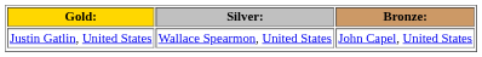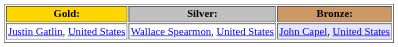 <table border="1" Cellpadding="2">
 <tr>
 <td style="text-align:center;background-color:gold;"><strong>Gold:</strong></td>
 <td style="text-align:center;background-color:silver;"><strong>Silver:</strong></td>
 <td style="text-align:center;background-color:#CC9966;"><strong>Bronze:</strong></td>
 </tr>
 <tr>
 <td> <a href='#'>Justin Gatlin</a>, <a href='#'>United States</a></td>
 <td> <a href='#'>Wallace Spearmon</a>, <a href='#'>United States</a></td>
-<td> <a href='#'>John Capel</a>, <a href='#'>United States</a></td>
+<td style="background: lavender;"> <a href='#'>John Capel</a>, <a href='#'>United States</a></td>
 </tr>
 <tr>
 </tr>
 </table>
